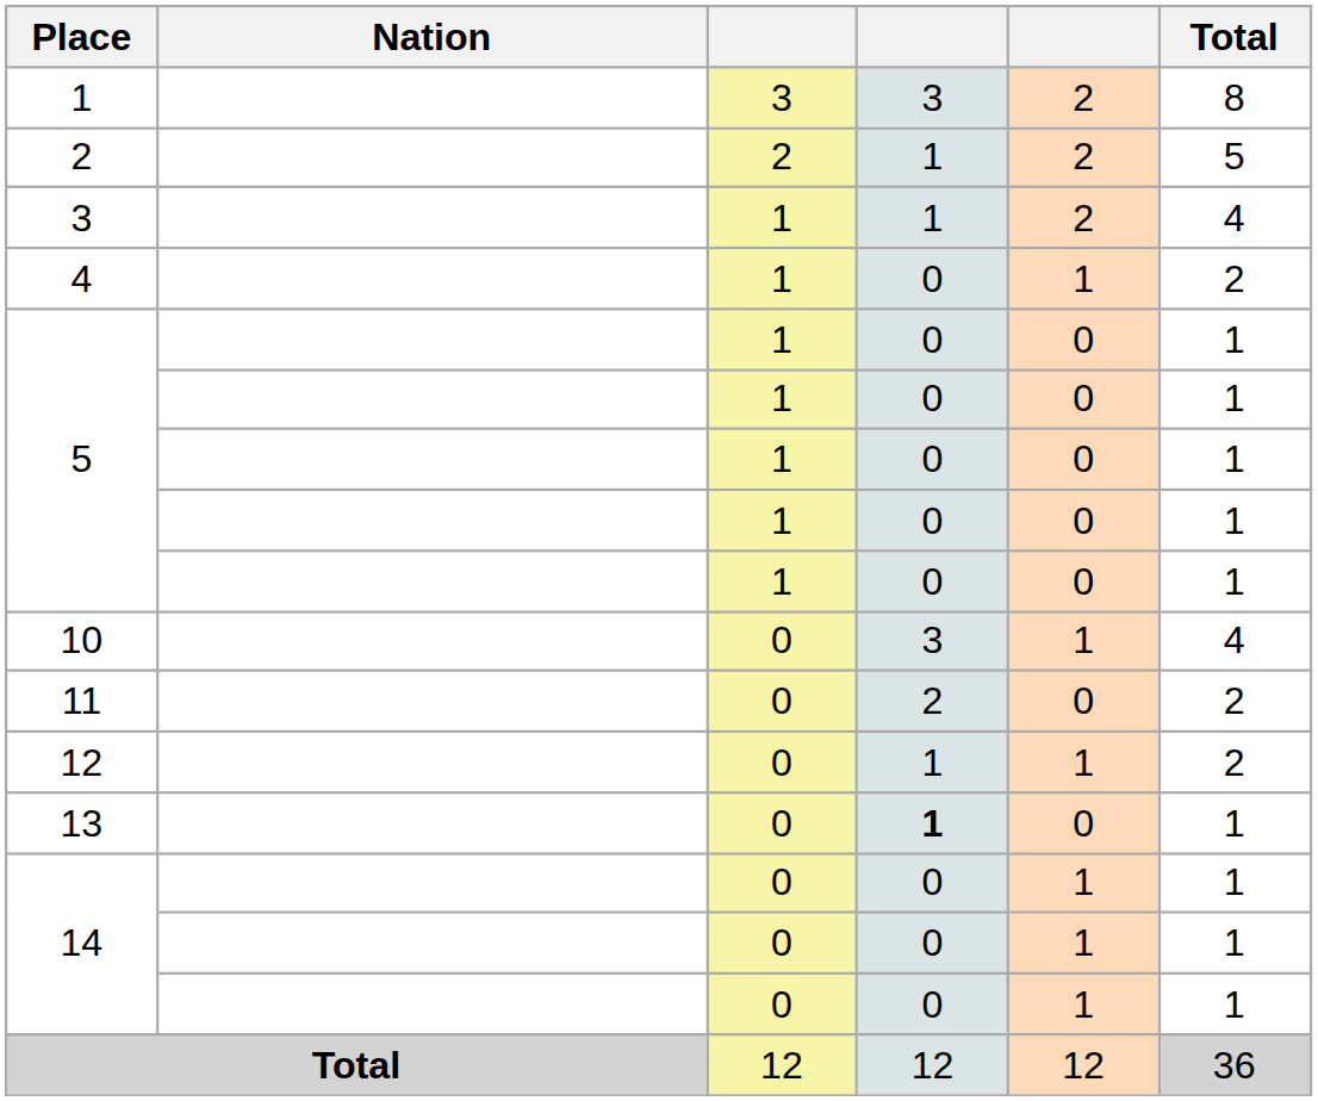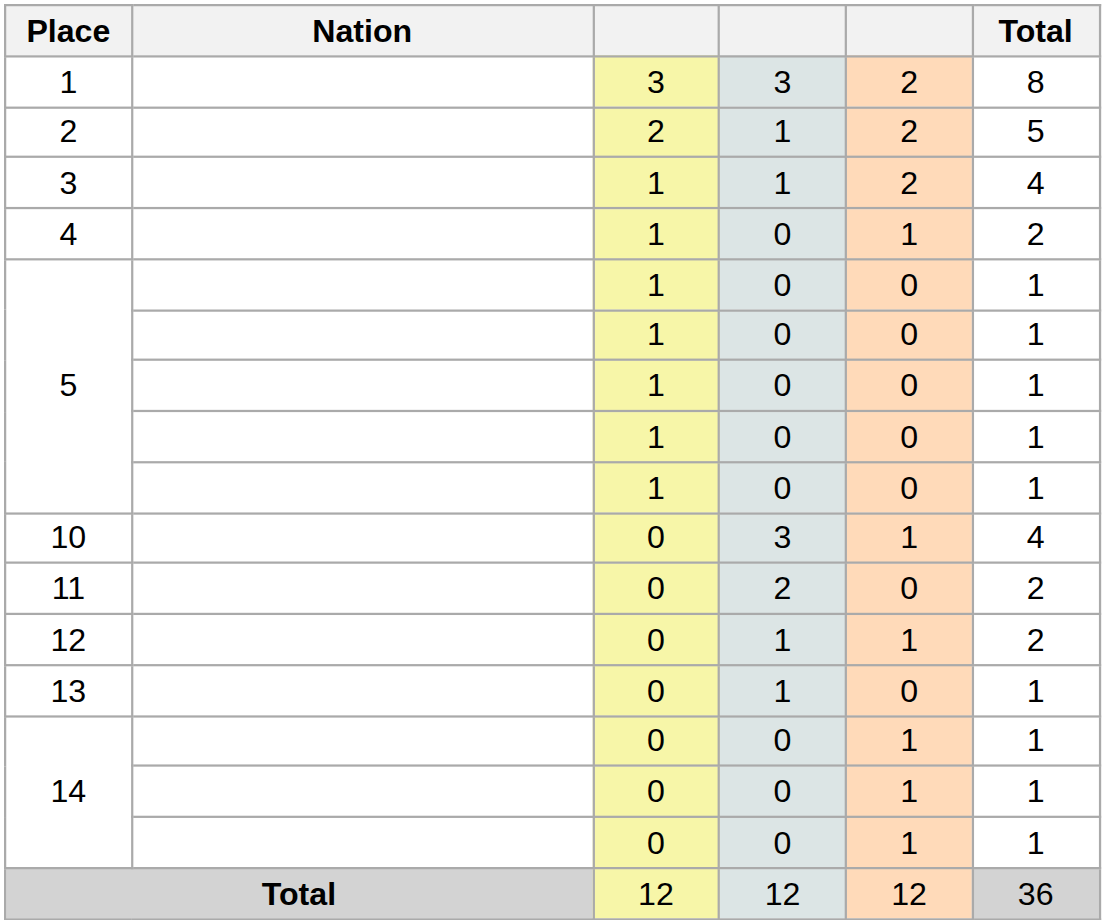 <table class=wikitable style="border:1px solid #AAAAAA;font-size:90%">
 <tr bgcolor="#EFEFEF">
 <th width=50>Place</th>
 <th width=200>Nation</th>
 <th width=50></th>
 <th width=50></th>
 <th width=50></th>
 <th width=50>Total</th>
 </tr>
 <tr align="center" valign="center" bgcolor="#FFFFFF">
 <td>1</td>
 <td align="left"></td>
 <td style="background:#F7F6A8;">3</td>
 <td style="background:#DCE5E5;">3</td>
 <td style="background:#FFDAB9;">2</td>
 <td>8</td>
 </tr>
 <tr align="center" valign="center" bgcolor="#FFFFFF">
 <td>2</td>
 <td align="left"></td>
 <td style="background:#F7F6A8;">2</td>
 <td style="background:#DCE5E5;">1</td>
 <td style="background:#FFDAB9;">2</td>
 <td>5</td>
 </tr>
 <tr align="center" valign="center" bgcolor="#FFFFFF">
 <td>3</td>
 <td align="left"></td>
 <td style="background:#F7F6A8;">1</td>
 <td style="background:#DCE5E5;">1</td>
 <td style="background:#FFDAB9;">2</td>
 <td>4</td>
 </tr>
 <tr align="center" valign="center" bgcolor="#FFFFFF">
 <td>4</td>
 <td align="left"></td>
 <td style="background:#F7F6A8;">1</td>
 <td style="background:#DCE5E5;">0</td>
 <td style="background:#FFDAB9;">1</td>
 <td>2</td>
 </tr>
 <tr align="center" valign="center" bgcolor="#FFFFFF">
 <td rowspan=5>5</td>
 <td align="left"></td>
 <td style="background:#F7F6A8;">1</td>
 <td style="background:#DCE5E5;">0</td>
 <td style="background:#FFDAB9;">0</td>
 <td>1</td>
 </tr>
 <tr align="center" valign="center" bgcolor="#FFFFFF">
 <td align="left"></td>
 <td style="background:#F7F6A8;">1</td>
 <td style="background:#DCE5E5;">0</td>
 <td style="background:#FFDAB9;">0</td>
 <td>1</td>
 </tr>
 <tr align="center" valign="center" bgcolor="#FFFFFF">
 <td align="left"></td>
 <td style="background:#F7F6A8;">1</td>
 <td style="background:#DCE5E5;">0</td>
 <td style="background:#FFDAB9;">0</td>
 <td>1</td>
 </tr>
 <tr align="center" valign="center" bgcolor="#FFFFFF">
 <td align="left"></td>
 <td style="background:#F7F6A8;">1</td>
 <td style="background:#DCE5E5;">0</td>
 <td style="background:#FFDAB9;">0</td>
 <td>1</td>
 </tr>
 <tr align="center" valign="center" bgcolor="#FFFFFF">
 <td align="left"></td>
 <td style="background:#F7F6A8;">1</td>
 <td style="background:#DCE5E5;">0</td>
 <td style="background:#FFDAB9;">0</td>
 <td>1</td>
 </tr>
 <tr align="center" valign="center" bgcolor="#FFFFFF">
 <td>10</td>
 <td align="left"></td>
 <td style="background:#F7F6A8;">0</td>
 <td style="background:#DCE5E5;">3</td>
 <td style="background:#FFDAB9;">1</td>
 <td>4</td>
 </tr>
 <tr align="center" valign="center" bgcolor="#FFFFFF">
 <td>11</td>
 <td align="left"></td>
 <td style="background:#F7F6A8;">0</td>
 <td style="background:#DCE5E5;">2</td>
 <td style="background:#FFDAB9;">0</td>
 <td>2</td>
 </tr>
 <tr align="center" valign="center" bgcolor="#FFFFFF">
 <td>12</td>
 <td align="left"></td>
 <td style="background:#F7F6A8;">0</td>
 <td style="background:#DCE5E5;">1</td>
 <td style="background:#FFDAB9;">1</td>
 <td>2</td>
 </tr>
 <tr align="center" valign="center" bgcolor="#FFFFFF">
 <td>13</td>
 <td align="left"></td>
 <td style="background:#F7F6A8;">0</td>
-<td style="background:#DCE5E5;"><strong>1</strong></td>
+<td style="background:#DCE5E5;">1</td>
 <td style="background:#FFDAB9;">0</td>
 <td>1</td>
 </tr>
 <tr align="center" valign="center" bgcolor="#FFFFFF">
 <td rowspan=3>14</td>
 <td align="left"></td>
 <td style="background:#F7F6A8;">0</td>
 <td style="background:#DCE5E5;">0</td>
 <td style="background:#FFDAB9;">1</td>
 <td>1</td>
 </tr>
 <tr align="center" valign="center" bgcolor="#FFFFFF">
 <td align="left"></td>
 <td style="background:#F7F6A8;">0</td>
 <td style="background:#DCE5E5;">0</td>
 <td style="background:#FFDAB9;">1</td>
 <td>1</td>
 </tr>
 <tr align="center" valign="center" bgcolor="#FFFFFF">
 <td align="left"></td>
 <td style="background:#F7F6A8;">0</td>
 <td style="background:#DCE5E5;">0</td>
 <td style="background:#FFDAB9;">1</td>
 <td>1</td>
 </tr>
 <tr align="center">
 <td colspan="2" bgcolor=D3D3D3><strong>Total</strong></td>
 <td style="background:#F7F6A8;">12</td>
 <td style="background:#DCE5E5;">12</td>
 <td style="background:#FFDAB9;">12</td>
 <td bgcolor=D3D3D3>36</td>
 </tr>
 </table>
